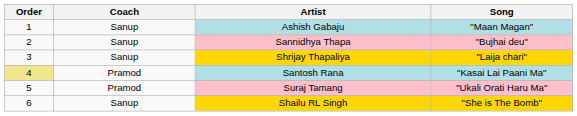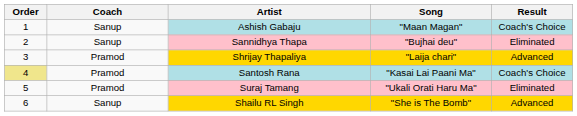 <table class="wikitable plainrowheaders" style="text-align:center; width:75%;">
 <tr>
 <th scope="col" style="width:05%;">Order</th>
 <th scope="col" style="width:15%;">Coach</th>
 <th scope="col" style="width:25%;">Artist</th>
 <th scope="col" style="width:15%;">Song</th>
+<th scope="col" style="width:10%;">Result</th>
 </tr>
 <tr>
 <td scope="row">1</td>
 <td>Sanup</td>
 <td style="background:#b0e0e6">Ashish Gabaju</td>
 <td style="background:#b0e0e6">"Maan Magan"</td>
+<td style="background:#b0e0e6">Coach's Choice</td>
 </tr>
 <tr>
 <td scope="row">2</td>
 <td>Sanup</td>
 <td style="background:pink">Sannidhya Thapa</td>
 <td style="background:pink">"Bujhai deu"</td>
+<td style="background:pink">Eliminated</td>
 </tr>
 <tr>
 <td scope="row">3</td>
-<td>Sanup</td>
+<td>Pramod</td>
 <td style="background:gold">Shrijay Thapaliya</td>
 <td style="background:gold">"Laija chari"</td>
+<td style="background:gold">Advanced</td>
 </tr>
 <tr>
 <td scope="row" style="background: khaki;">4</td>
 <td>Pramod</td>
 <td style="background:#b0e0e6">Santosh Rana</td>
 <td style="background:#b0e0e6">"Kasai Lai Paani Ma"</td>
+<td style="background:#b0e0e6">Coach's Choice</td>
 </tr>
 <tr>
 <td scope="row">5</td>
 <td>Pramod</td>
 <td style="background:pink">Suraj Tamang</td>
 <td style="background:pink">"Ukali Orati Haru Ma"</td>
+<td style="background:pink">Eliminated</td>
 </tr>
 <tr>
 <td scope="row">6</td>
 <td>Sanup</td>
 <td style="background:gold">Shailu RL Singh</td>
 <td style="background:gold">"She is The Bomb"</td>
+<td style="background:gold">Advanced</td>
 </tr>
 </table>
